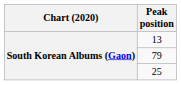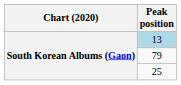 <table class="wikitable plainrowheaders" style="text-align:center">
 <tr>
 <th>Chart (2020)</th>
 <th>Peak<br>position</th>
 </tr>
 <tr>
 <th scope="row" rowspan=3>South Korean Albums (<a href='#'>Gaon</a>)</th>
-<td>13</td>
+<td style="background: lightblue;">13</td>
 </tr>
 <tr>
 <td>79</td>
 </tr>
 <tr>
 <td>25</td>
 </tr>
 </table>
